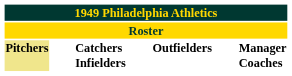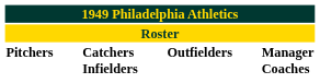 <table class="toccolours" style="font-size: 95%;">
 <tr>
 <th colspan="10" style="background-color: #003831; color: #FFD800; text-align: center;">1949 Philadelphia Athletics</th>
 </tr>
 <tr>
 <td colspan="10" style="background-color: #FFD800; color: #003831; text-align: center;"><strong>Roster</strong></td>
 </tr>
 <tr>
-<td valign="top" style="background: khaki;"><strong>Pitchers</strong><br>          </td>
+<td valign="top"><strong>Pitchers</strong><br>          </td>
 <td width="25px"></td>
 <td valign="top"><strong>Catchers</strong><br>   <strong>Infielders</strong>       </td>
 <td width="25px"></td>
 <td valign="top"><strong>Outfielders</strong><br>      </td>
 <td width="25px"></td>
 <td valign="top"><strong>Manager</strong><br> <strong>Coaches</strong>      </td>
 </tr>
 </table>
